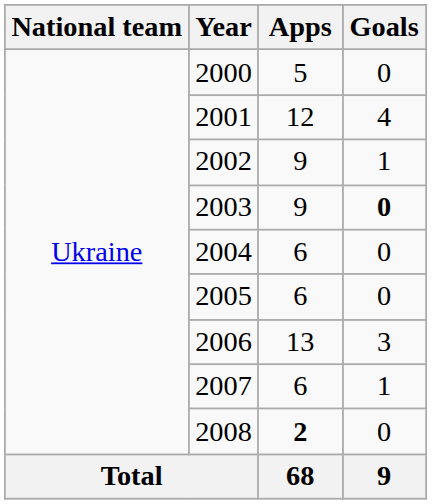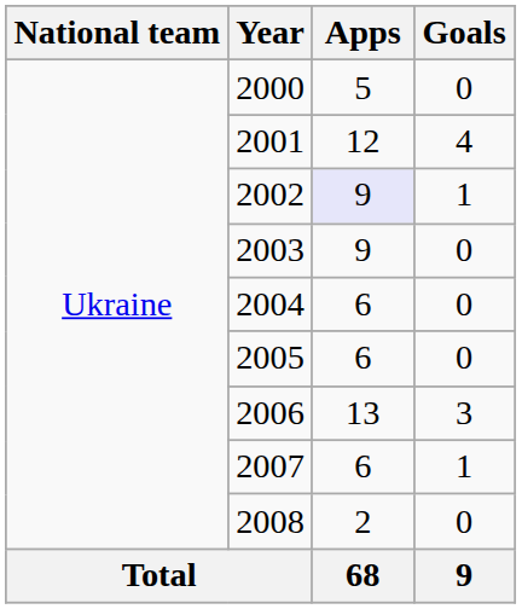 <table class="wikitable" style="text-align:center">
 <tr>
 <th>National team</th>
 <th>Year</th>
 <th width="40">Apps</th>
 <th width="40">Goals</th>
 </tr>
 <tr>
 <td rowspan="9"><a href='#'>Ukraine</a></td>
 <td>2000</td>
 <td>5</td>
 <td>0</td>
 </tr>
 <tr>
 <td>2001</td>
 <td>12</td>
 <td>4</td>
 </tr>
 <tr>
 <td>2002</td>
-<td>9</td>
+<td style="background: lavender;">9</td>
 <td>1</td>
 </tr>
 <tr>
 <td>2003</td>
 <td>9</td>
-<td><strong>0</strong></td>
+<td>0</td>
 </tr>
 <tr>
 <td>2004</td>
 <td>6</td>
 <td>0</td>
 </tr>
 <tr>
 <td>2005</td>
 <td>6</td>
 <td>0</td>
 </tr>
 <tr>
 <td>2006</td>
 <td>13</td>
 <td>3</td>
 </tr>
 <tr>
 <td>2007</td>
 <td>6</td>
 <td>1</td>
 </tr>
 <tr>
 <td>2008</td>
-<td><strong>2</strong></td>
+<td>2</td>
 <td>0</td>
 </tr>
 <tr>
 <th colspan="2">Total</th>
 <th>68</th>
 <th>9</th>
 </tr>
 </table>
